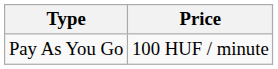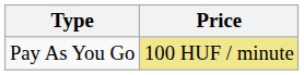 <table class="wikitable">
 <tr>
 <th>Type</th>
 <th>Price</th>
 </tr>
 <tr>
 <td>Pay As You Go</td>
-<td>100 HUF / minute</td>
+<td style="background: khaki;">100 HUF / minute</td>
 </tr>
 </table>
